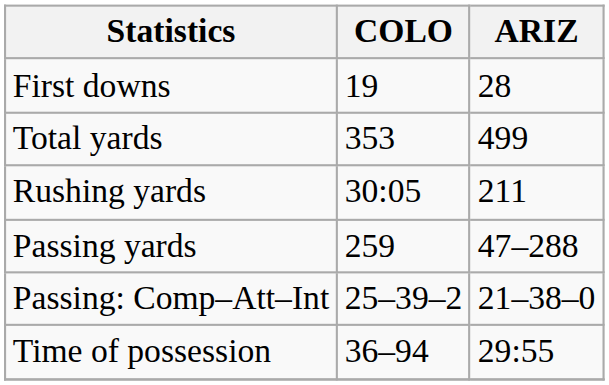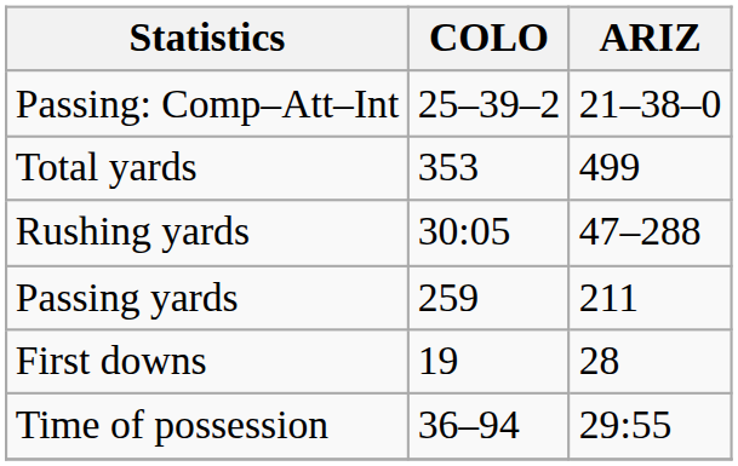 <table class="wikitable" style="float: left;">
 <tr>
 <th>Statistics</th>
 <th>COLO</th>
 <th>ARIZ</th>
 </tr>
 <tr>
-<td>First downs</td>
-<td>19</td>
-<td>28</td>
+<td>Passing: Comp–Att–Int</td>
+<td>25–39–2</td>
+<td>21–38–0</td>
 </tr>
 <tr>
 <td>Total yards</td>
 <td>353</td>
 <td>499</td>
 </tr>
 <tr>
 <td>Rushing yards</td>
 <td>30:05</td>
-<td>211</td>
+<td>47–288</td>
 </tr>
 <tr>
 <td>Passing yards</td>
 <td>259</td>
-<td>47–288</td>
+<td>211</td>
 </tr>
 <tr>
-<td>Passing: Comp–Att–Int</td>
-<td>25–39–2</td>
-<td>21–38–0</td>
+<td>First downs</td>
+<td>19</td>
+<td>28</td>
 </tr>
 <tr>
 <td>Time of possession</td>
 <td>36–94</td>
 <td>29:55</td>
 </tr>
 <tr>
 </tr>
 </table>
